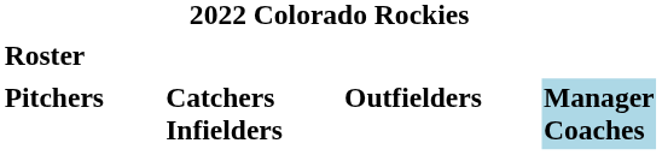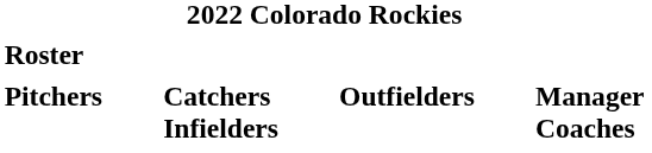 <table class="toccolours" style="font-size: 95%;">
 <tr>
 <th colspan="10">2022 Colorado Rockies</th>
 </tr>
 <tr>
 <td colspan="10"><strong>Roster</strong></td>
 </tr>
 <tr>
 <td valign="top"><strong>Pitchers</strong><br>                      </td>
 <td width="25px"></td>
 <td valign="top"><strong>Catchers</strong><br>   <strong>Infielders</strong>        </td>
 <td width="25px"></td>
 <td valign="top"><strong>Outfielders</strong><br>        </td>
 <td width="25px"></td>
-<td valign="top" style="background: lightblue;"><strong>Manager</strong><br> <strong>Coaches</strong>                     </td>
+<td valign="top"><strong>Manager</strong><br> <strong>Coaches</strong>                     </td>
 </tr>
 <tr>
 </tr>
 </table>
